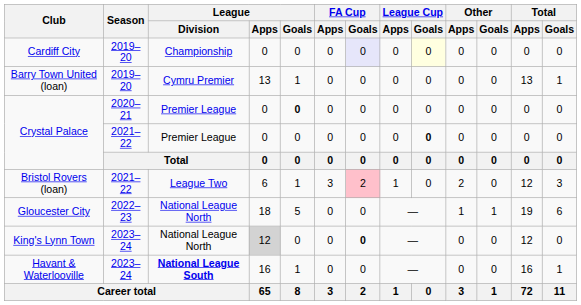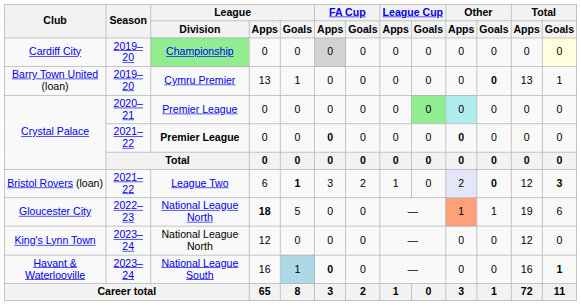 <table class="wikitable" style="text-align: center">
 <tr>
 <th rowspan="2">Club</th>
 <th rowspan="2">Season</th>
 <th colspan="3">League</th>
 <th colspan="2"><a href='#'>FA Cup</a></th>
 <th colspan="2"><a href='#'>League Cup</a></th>
 <th colspan="2">Other</th>
 <th colspan="2">Total</th>
 </tr>
 <tr>
 <th>Division</th>
 <th>Apps</th>
 <th>Goals</th>
 <th>Apps</th>
 <th>Goals</th>
 <th>Apps</th>
 <th>Goals</th>
 <th>Apps</th>
 <th>Goals</th>
 <th>Apps</th>
 <th>Goals</th>
 </tr>
 <tr>
 <td><a href='#'>Cardiff City</a></td>
 <td><a href='#'>2019–20</a></td>
-<td><a href='#'>Championship</a></td>
+<td style="background: lightgreen;"><a href='#'>Championship</a></td>
 <td>0</td>
 <td>0</td>
-<td>0</td>
-<td style="background: lavender;">0</td>
-<td>0</td>
-<td style="background: lightyellow;">0</td>
+<td style="background: lightgrey;">0</td>
 <td>0</td>
 <td>0</td>
 <td>0</td>
 <td>0</td>
+<td>0</td>
+<td>0</td>
+<td style="background: lightyellow;">0</td>
 </tr>
 <tr>
 <td><a href='#'>Barry Town United</a> (loan)</td>
 <td><a href='#'>2019–20</a></td>
 <td><a href='#'>Cymru Premier</a></td>
 <td>13</td>
 <td>1</td>
 <td>0</td>
 <td>0</td>
 <td>0</td>
 <td>0</td>
 <td>0</td>
-<td>0</td>
+<td><strong>0</strong></td>
 <td>13</td>
 <td>1</td>
 </tr>
 <tr>
 <td rowspan="3"><a href='#'>Crystal Palace</a></td>
 <td><a href='#'>2020–21</a></td>
 <td><a href='#'>Premier League</a></td>
 <td>0</td>
-<td><strong>0</strong></td>
 <td>0</td>
 <td>0</td>
 <td>0</td>
 <td>0</td>
-<td>0</td>
+<td style="background: lightgreen;">0</td>
+<td style="background: paleturquoise;">0</td>
 <td>0</td>
 <td>0</td>
 <td>0</td>
 </tr>
 <tr>
 <td><a href='#'>2021–22</a></td>
-<td>Premier League</td>
+<td><strong>Premier League</strong></td>
 <td>0</td>
 <td>0</td>
+<td><strong>0</strong></td>
 <td>0</td>
 <td>0</td>
 <td>0</td>
 <td><strong>0</strong></td>
-<td>0</td>
 <td>0</td>
 <td>0</td>
 <td>0</td>
 </tr>
 <tr>
 <th colspan="2">Total</th>
 <th>0</th>
 <th>0</th>
 <th>0</th>
 <th>0</th>
 <th>0</th>
 <th>0</th>
 <th>0</th>
 <th>0</th>
 <th>0</th>
 <th>0</th>
 </tr>
 <tr>
 <td><a href='#'>Bristol Rovers</a> (loan)</td>
 <td><a href='#'>2021–22</a></td>
 <td><a href='#'>League Two</a></td>
 <td>6</td>
-<td>1</td>
+<td><strong>1</strong></td>
 <td>3</td>
-<td style="background: pink;">2</td>
+<td>2</td>
 <td>1</td>
 <td>0</td>
-<td>2</td>
-<td>0</td>
+<td style="background: lavender;">2</td>
+<td><strong>0</strong></td>
 <td>12</td>
-<td>3</td>
+<td><strong>3</strong></td>
 </tr>
 <tr>
 <td><a href='#'>Gloucester City</a></td>
 <td><a href='#'>2022–23</a></td>
 <td><a href='#'>National League North</a></td>
-<td>18</td>
+<td><strong>18</strong></td>
 <td>5</td>
 <td>0</td>
 <td>0</td>
 <td colspan="2">—</td>
-<td>1</td>
+<td style="background: lightsalmon;">1</td>
 <td>1</td>
 <td>19</td>
 <td>6</td>
 </tr>
 <tr>
 <td><a href='#'>King's Lynn Town</a></td>
 <td><a href='#'>2023–24</a></td>
 <td>National League North</td>
-<td style="background: lightgrey;">12</td>
+<td>12</td>
 <td>0</td>
 <td>0</td>
-<td><strong>0</strong></td>
+<td>0</td>
 <td colspan="2">—</td>
 <td>0</td>
 <td>0</td>
 <td>12</td>
 <td>0</td>
 </tr>
 <tr>
 <td><a href='#'>Havant & Waterlooville</a></td>
 <td><a href='#'>2023–24</a></td>
-<td><strong><a href='#'>National League South</a></strong></td>
+<td><a href='#'>National League South</a></td>
 <td>16</td>
-<td>1</td>
-<td>0</td>
+<td style="background: lightblue;">1</td>
+<td><strong>0</strong></td>
 <td>0</td>
 <td colspan="2">—</td>
 <td>0</td>
 <td>0</td>
 <td>16</td>
-<td>1</td>
+<td><strong>1</strong></td>
 </tr>
 <tr>
 <th colspan="3">Career total</th>
 <th>65</th>
 <th>8</th>
 <th>3</th>
 <th>2</th>
 <th>1</th>
 <th>0</th>
 <th>3</th>
 <th>1</th>
 <th>72</th>
 <th>11</th>
 </tr>
 </table>
